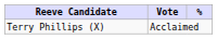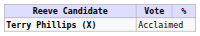 <table class="wikitable">
 <tr>
 <th style="background:#ddf; width:200px;">Reeve Candidate</th>
 <th style="background:#ddf; width:50px;">Vote</th>
 <th style="background:#ddf; width:30px;">%</th>
 </tr>
 <tr>
-<td>Terry Phillips (X)</td>
+<td><strong>Terry Phillips (X)</strong></td>
 <td colspan="2">Acclaimed</td>
 </tr>
 </table>
